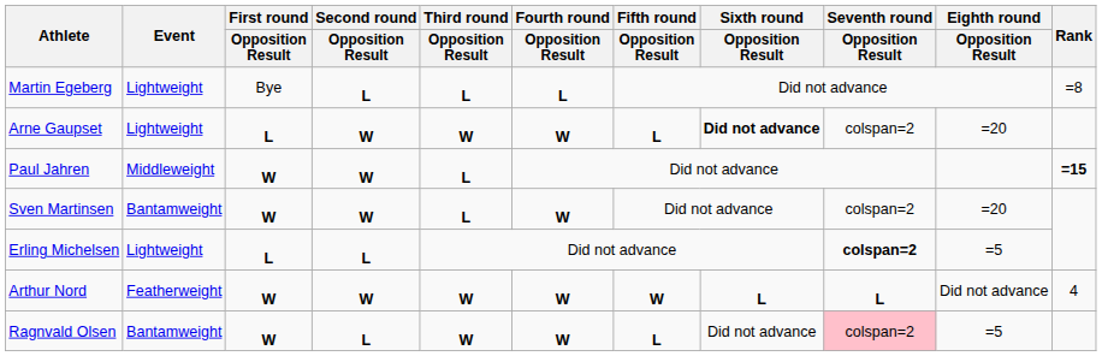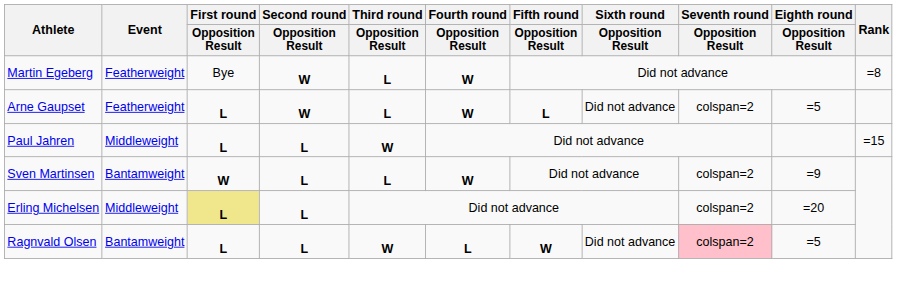 <table class="wikitable" style="font-size:90%;">
 <tr>
 <th rowspan=2>Athlete</th>
 <th rowspan=2>Event</th>
 <th>First round</th>
 <th>Second round</th>
 <th>Third round</th>
 <th>Fourth round</th>
 <th>Fifth round</th>
 <th>Sixth round</th>
 <th>Seventh round</th>
 <th>Eighth round</th>
 <th rowspan=2>Rank</th>
 </tr>
 <tr style="font-size: 95%">
 <th>Opposition<br>Result</th>
 <th>Opposition<br>Result</th>
 <th>Opposition<br>Result</th>
 <th>Opposition<br>Result</th>
 <th>Opposition<br>Result</th>
 <th>Opposition<br>Result</th>
 <th>Opposition<br>Result</th>
 <th>Opposition<br>Result</th>
 </tr>
 <tr align=center>
 <td align=left><a href='#'>Martin Egeberg</a></td>
-<td align=left><a href='#'>Lightweight</a></td>
+<td align=left><a href='#'>Featherweight</a></td>
 <td>Bye</td>
+<td> <br> <strong>W</strong></td>
 <td> <br> <strong>L</strong></td>
-<td> <br> <strong>L</strong></td>
-<td> <br> <strong>L</strong></td>
+<td> <br> <strong>W</strong></td>
 <td colspan=4>Did not advance</td>
 <td>=8</td>
 </tr>
 <tr align=center>
 <td align=left><a href='#'>Arne Gaupset</a></td>
-<td align=left><a href='#'>Lightweight</a></td>
+<td align=left><a href='#'>Featherweight</a></td>
 <td> <br> <strong>L</strong></td>
 <td> <br> <strong>W</strong></td>
-<td> <br> <strong>W</strong></td>
+<td> <br> <strong>L</strong></td>
 <td> <br> <strong>W</strong></td>
 <td> <br> <strong>L</strong></td>
-<td><strong>Did not advance</strong></td>
+<td>Did not advance</td>
 <td>colspan=2 </td>
-<td>=20</td>
+<td>=5</td>
 </tr>
 <tr align=center>
 <td align=left><a href='#'>Paul Jahren</a></td>
 <td align=left><a href='#'>Middleweight</a></td>
+<td> <br> <strong>L</strong></td>
+<td> <br> <strong>L</strong></td>
 <td> <br> <strong>W</strong></td>
-<td> <br> <strong>W</strong></td>
-<td> <br> <strong>L</strong></td>
 <td colspan=4>Did not advance</td>
 <td></td>
-<td><strong>=15</strong></td>
+<td>=15</td>
 </tr>
 <tr align=center>
 <td align=left><a href='#'>Sven Martinsen</a></td>
 <td align=left><a href='#'>Bantamweight</a></td>
 <td> <br> <strong>W</strong></td>
-<td> <br> <strong>W</strong></td>
+<td> <br> <strong>L</strong></td>
 <td> <br> <strong>L</strong></td>
 <td> <br> <strong>W</strong></td>
 <td colspan=2>Did not advance</td>
 <td>colspan=2 </td>
-<td>=20</td>
+<td>=9</td>
 </tr>
 <tr align=center>
 <td align=left><a href='#'>Erling Michelsen</a></td>
-<td align=left><a href='#'>Lightweight</a></td>
-<td> <br> <strong>L</strong></td>
+<td align=left><a href='#'>Middleweight</a></td>
+<td style="background: khaki;"> <br> <strong>L</strong></td>
 <td> <br> <strong>L</strong></td>
 <td colspan=4>Did not advance</td>
-<td><strong>colspan=2 </strong></td>
-<td>=5</td>
-</tr>
-<tr align=center>
-<td align=left><a href='#'>Arthur Nord</a></td>
-<td align=left><a href='#'>Featherweight</a></td>
-<td> <br> <strong>W</strong></td>
-<td> <br> <strong>W</strong></td>
-<td> <br> <strong>W</strong></td>
-<td> <br> <strong>W</strong></td>
-<td> <br> <strong>W</strong></td>
-<td> <br> <strong>L</strong></td>
-<td> <br> <strong>L</strong></td>
-<td>Did not advance</td>
-<td>4</td>
+<td>colspan=2 </td>
+<td>=20</td>
 </tr>
 <tr align=center>
 <td align=left><a href='#'>Ragnvald Olsen</a></td>
 <td align=left><a href='#'>Bantamweight</a></td>
+<td> <br> <strong>L</strong></td>
+<td> <br> <strong>L</strong></td>
 <td> <br> <strong>W</strong></td>
 <td> <br> <strong>L</strong></td>
 <td> <br> <strong>W</strong></td>
-<td> <br> <strong>W</strong></td>
-<td> <br> <strong>L</strong></td>
 <td>Did not advance</td>
 <td style="background: pink;">colspan=2 </td>
 <td>=5</td>
 </tr>
 </table>
